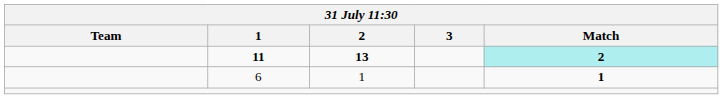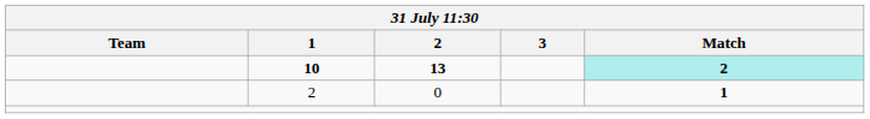 <table class=wikitable style="text-align:center; width: 55%">
 <tr>
 <th colspan=10><em>31 July 11:30</em></th>
 </tr>
 <tr>
 <th>Team</th>
 <th>1</th>
 <th>2</th>
 <th>3</th>
 <th>Match</th>
 </tr>
 <tr>
 <td align=left><strong><br></strong></td>
-<td><strong>11</strong></td>
+<td><strong>10</strong></td>
 <td><strong>13</strong></td>
 <td></td>
 <td style="background: paleturquoise;"><strong>2</strong></td>
 </tr>
 <tr>
 <td align=left><br></td>
-<td>6</td>
-<td>1</td>
+<td>2</td>
+<td>0</td>
 <td></td>
 <td><strong>1</strong></td>
 </tr>
 <tr>
 <td colspan=10></td>
 </tr>
 </table>
